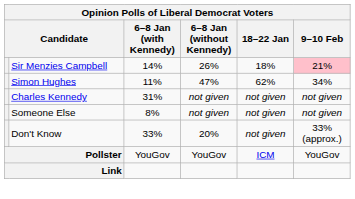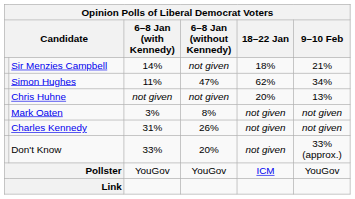 <table class=wikitable style="font-size:95%;">
 <tr>
 <th colspan="6">Opinion Polls of Liberal Democrat Voters</th>
 </tr>
 <tr>
 <th colspan="2" style="width: 170px">Candidate</th>
 <th style="width: 80px">6–8 Jan (with Kennedy)</th>
 <th style="width: 80px">6–8 Jan (without Kennedy)</th>
 <th style="width: 80px">18–22 Jan</th>
 <th style="width: 80px">9–10 Feb</th>
 </tr>
 <tr>
 <th style="background-color: "></th>
 <td style="width: 170px"><a href='#'>Sir Menzies Campbell</a></td>
 <td style="text-align:center;">14%</td>
-<td style="text-align:center;">26%</td>
+<td style="text-align:center;"><em>not given</em></td>
 <td style="text-align:center;">18%</td>
-<td style="background: pink; text-align:center;">21%</td>
+<td style="text-align:center;">21%</td>
 </tr>
 <tr>
 <th style="background-color: "></th>
 <td style="width: 170px"><a href='#'>Simon Hughes</a></td>
 <td style="text-align:center;">11%</td>
 <td style="text-align:center;">47%</td>
 <td style="text-align:center;">62%</td>
 <td style="text-align:center;">34%</td>
 </tr>
 <tr>
 <th style="background-color: "></th>
-<td style="width: 170px"><a href='#'>Charles Kennedy</a></td>
-<td style="text-align:center;">31%</td>
+<td style="width: 170px"><a href='#'>Chris Huhne</a></td>
 <td style="text-align:center;"><em>not given</em></td>
+<td style="text-align:center;"><em>not given</em></td>
+<td style="text-align:center;">20%</td>
+<td style="text-align:center;">13%</td>
+</tr>
+<tr>
+<th style="background-color: "></th>
+<td style="width: 170px"><a href='#'>Mark Oaten</a></td>
+<td style="text-align:center;">3%</td>
+<td style="text-align:center;">8%</td>
 <td style="text-align:center;"><em>not given</em></td>
 <td style="text-align:center;"><em>not given</em></td>
 </tr>
 <tr>
 <th style="background-color: "></th>
-<td style="width: 170px">Someone Else</td>
-<td style="text-align:center;">8%</td>
-<td style="text-align:center;"><em>not given</em></td>
+<td style="width: 170px"><a href='#'>Charles Kennedy</a></td>
+<td style="text-align:center;">31%</td>
+<td style="text-align:center;">26%</td>
 <td style="text-align:center;"><em>not given</em></td>
 <td style="text-align:center;"><em>not given</em></td>
 </tr>
 <tr>
 <th style="background-color: "></th>
 <td style="width: 170px">Don't Know</td>
 <td style="text-align:center;">33%</td>
 <td style="text-align:center;">20%</td>
 <td style="text-align:center;"><em>not given</em></td>
 <td style="text-align:center;">33% (approx.)</td>
 </tr>
 <tr>
 <th colspan="2" style="text-align:right;">Pollster</th>
 <td style="text-align:center;">YouGov</td>
 <td style="text-align:center;">YouGov</td>
 <td style="text-align:center;"><a href='#'>ICM</a></td>
 <td style="text-align:center;">YouGov</td>
 </tr>
 <tr>
 <th colspan="2" style="text-align:right;">Link</th>
 <td style="text-align:center;"></td>
 <td style="text-align:center;"></td>
 <td style="text-align:center;"></td>
 <td style="text-align:center;"></td>
 </tr>
 </table>
